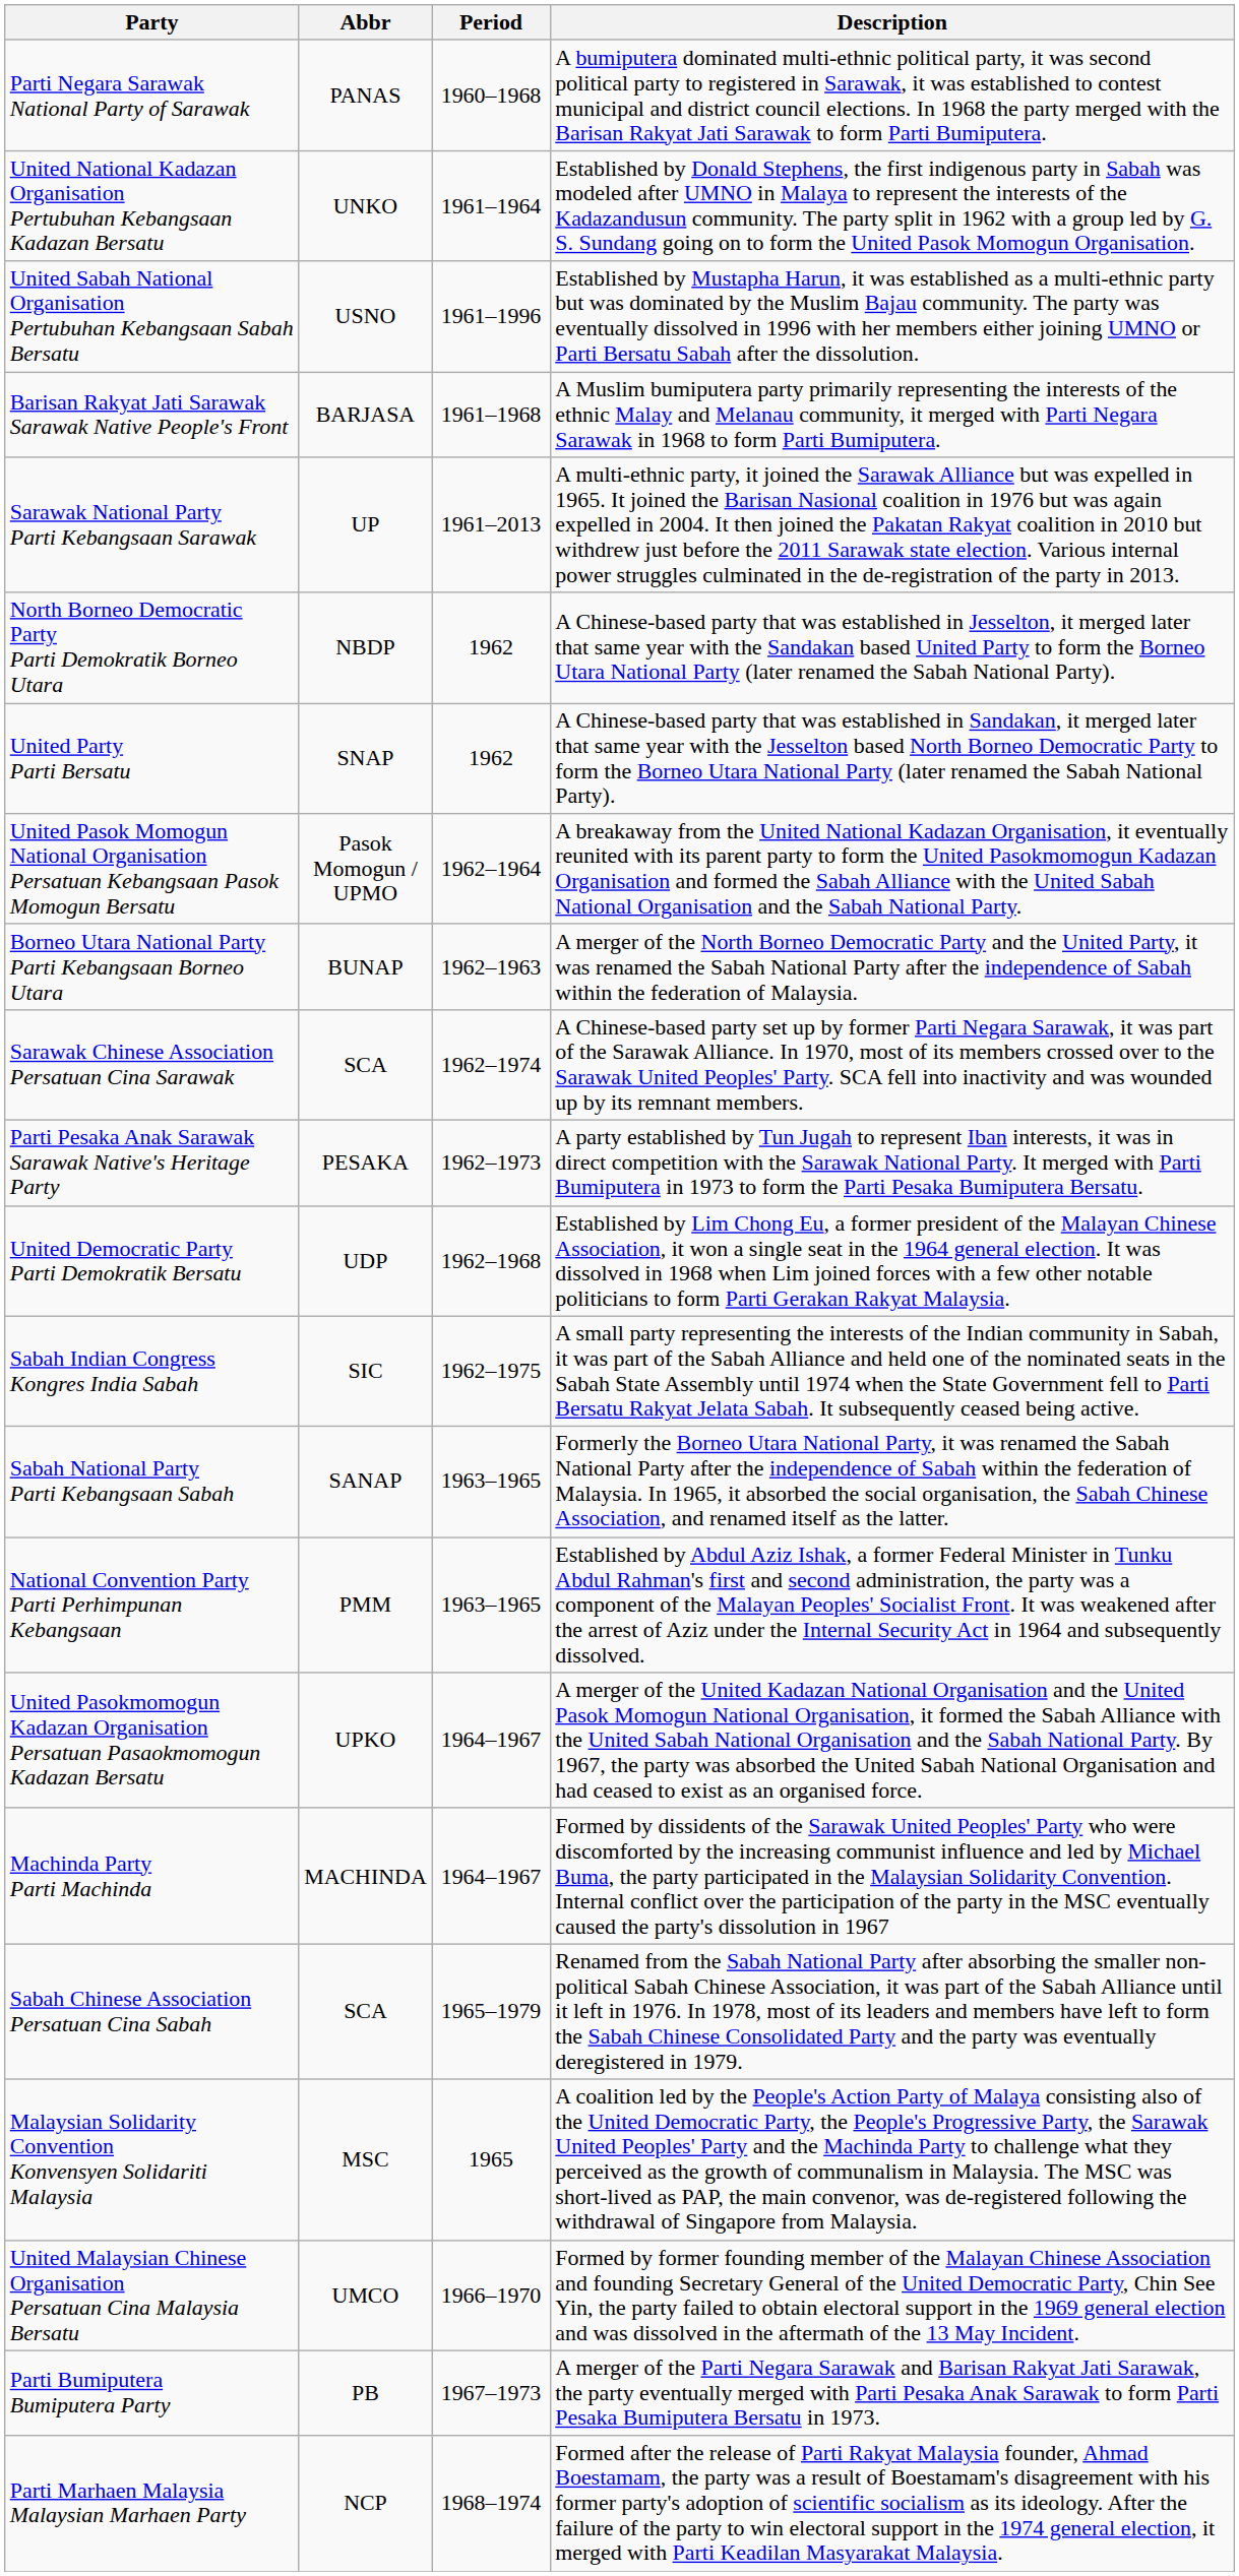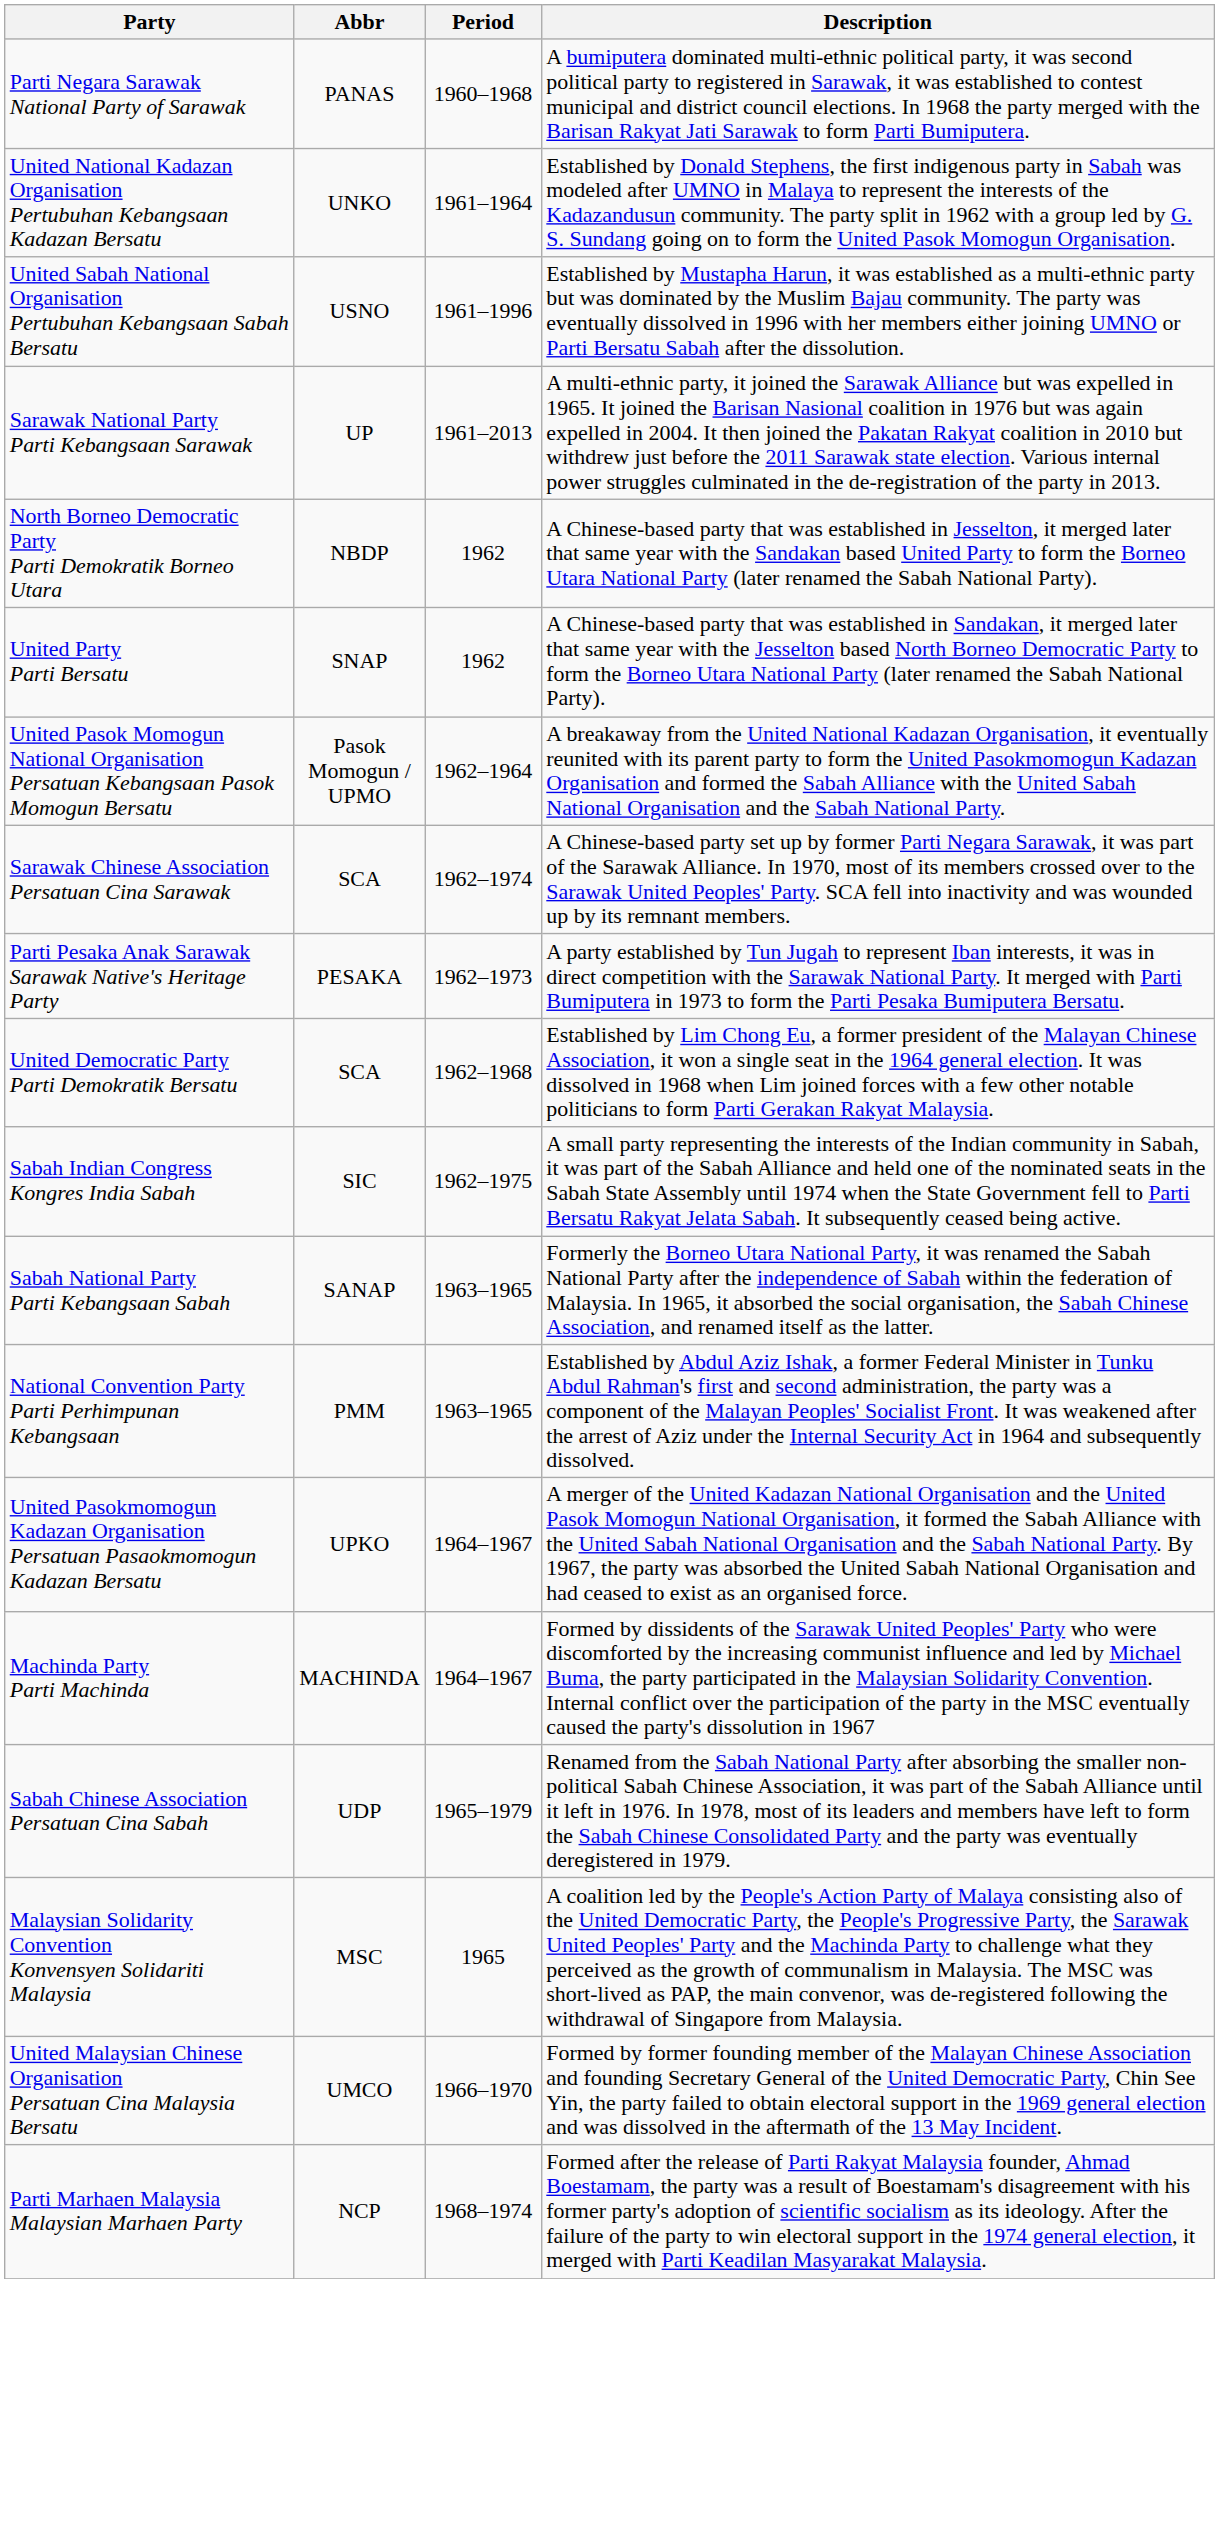 <table class="wikitable collapsible collapsed"  style="width:100%;">
 <tr>
 <th>Party</th>
 <th>Abbr</th>
 <th>Period</th>
 <th>Description</th>
 </tr>
 <tr>
 <td width="25%"><a href='#'>Parti Negara Sarawak</a><br><em>National Party of Sarawak</em></td>
 <td width="5%" style="text-align:center">PANAS</td>
 <td width="10%" style="text-align:center">1960–1968</td>
 <td width="60%">A <a href='#'>bumiputera</a> dominated multi-ethnic political party, it was second political party to registered in <a href='#'>Sarawak</a>, it was established to contest municipal and district council elections. In 1968 the party merged with the <a href='#'>Barisan Rakyat Jati Sarawak</a> to form <a href='#'>Parti Bumiputera</a>.</td>
 </tr>
 <tr>
 <td width="25%"><a href='#'>United National Kadazan Organisation</a><br><em>Pertubuhan Kebangsaan Kadazan Bersatu</em></td>
 <td width="5%" style="text-align:center">UNKO</td>
 <td width="10%" style="text-align:center">1961–1964</td>
 <td width="60%">Established by <a href='#'>Donald Stephens</a>, the first indigenous party in <a href='#'>Sabah</a> was modeled after <a href='#'>UMNO</a> in <a href='#'>Malaya</a> to represent the interests of the <a href='#'>Kadazandusun</a> community. The party split in 1962 with a group led by <a href='#'>G. S. Sundang</a> going on to form the <a href='#'>United Pasok Momogun Organisation</a>.</td>
 </tr>
 <tr>
 <td width="25%"><a href='#'>United Sabah National Organisation</a><br><em>Pertubuhan Kebangsaan Sabah Bersatu</em></td>
 <td width="5%" style="text-align:center">USNO</td>
 <td width="10%" style="text-align:center">1961–1996</td>
 <td width="60%">Established by <a href='#'>Mustapha Harun</a>, it was established as a multi-ethnic party but was dominated by the Muslim <a href='#'>Bajau</a> community. The party was eventually dissolved in 1996 with her members either joining <a href='#'>UMNO</a> or <a href='#'>Parti Bersatu Sabah</a> after the dissolution.</td>
 </tr>
 <tr>
-<td width="25%"><a href='#'>Barisan Rakyat Jati Sarawak</a><br><em>Sarawak Native People's Front</em></td>
-<td width="5%" style="text-align:center">BARJASA</td>
-<td width="10%" style="text-align:center">1961–1968</td>
-<td width="60%">A Muslim bumiputera party primarily representing the interests of the ethnic <a href='#'>Malay</a> and <a href='#'>Melanau</a> community, it merged with <a href='#'>Parti Negara Sarawak</a> in 1968 to form <a href='#'>Parti Bumiputera</a>.</td>
-</tr>
-<tr>
 <td width="25%"><a href='#'>Sarawak National Party</a><br><em>Parti Kebangsaan Sarawak</em></td>
 <td width="5%" style="text-align:center">UP</td>
 <td width="10%" style="text-align:center">1961–2013</td>
 <td width="60%">A multi-ethnic party, it joined the <a href='#'>Sarawak Alliance</a> but was expelled in 1965. It joined the <a href='#'>Barisan Nasional</a> coalition in 1976 but was again expelled in 2004. It then joined the <a href='#'>Pakatan Rakyat</a> coalition in 2010 but withdrew just before the <a href='#'> 2011 Sarawak state election</a>. Various internal power struggles culminated in the de-registration of the party in 2013.</td>
 </tr>
 <tr>
 <td width="25%"><a href='#'>North Borneo Democratic Party</a><br><em>Parti Demokratik Borneo Utara</em></td>
 <td width="5%" style="text-align:center">NBDP</td>
 <td width="10%" style="text-align:center">1962</td>
 <td width="60%">A Chinese-based party that was established in <a href='#'>Jesselton</a>, it merged later that same year with the <a href='#'>Sandakan</a> based <a href='#'>United Party</a> to form the <a href='#'>Borneo Utara National Party</a> (later renamed the Sabah National Party).</td>
 </tr>
 <tr>
 <td width="25%"><a href='#'>United Party</a><br><em>Parti Bersatu</em></td>
 <td width="5%" style="text-align:center">SNAP</td>
 <td width="10%" style="text-align:center">1962</td>
 <td width="60%">A Chinese-based party that was established in <a href='#'>Sandakan</a>, it merged later that same year with the <a href='#'>Jesselton</a> based <a href='#'>North Borneo Democratic Party</a> to form the <a href='#'>Borneo Utara National Party</a> (later renamed the Sabah National Party).</td>
 </tr>
 <tr>
 <td width="25%"><a href='#'>United Pasok Momogun National Organisation</a><br><em>Persatuan Kebangsaan Pasok Momogun Bersatu</em></td>
 <td width="5%" style="text-align:center">Pasok Momogun / UPMO</td>
 <td width="10%" style="text-align:center">1962–1964</td>
 <td width="60%">A breakaway from the <a href='#'>United National Kadazan Organisation</a>, it eventually reunited with its parent party to form the <a href='#'>United Pasokmomogun Kadazan Organisation</a> and formed the <a href='#'>Sabah Alliance</a> with the <a href='#'>United Sabah National Organisation</a> and the <a href='#'>Sabah National Party</a>.</td>
 </tr>
 <tr>
-<td width="25%"><a href='#'>Borneo Utara National Party</a><br><em>Parti Kebangsaan Borneo Utara</em></td>
-<td width="5%" style="text-align:center">BUNAP</td>
-<td width="10%" style="text-align:center">1962–1963</td>
-<td width="60%">A merger of the <a href='#'>North Borneo Democratic Party</a> and the <a href='#'>United Party</a>, it was renamed the Sabah National Party after the <a href='#'>independence of Sabah</a> within the federation of Malaysia.</td>
-</tr>
-<tr>
 <td width="25%"><a href='#'>Sarawak Chinese Association</a><br><em>Persatuan Cina Sarawak</em></td>
 <td width="5%" style="text-align:center">SCA</td>
 <td width="10%" style="text-align:center">1962–1974</td>
 <td width="60%">A Chinese-based party set up by former <a href='#'>Parti Negara Sarawak</a>, it was part of the Sarawak Alliance. In 1970, most of its members crossed over to the <a href='#'>Sarawak United Peoples' Party</a>. SCA fell into inactivity and was wounded up by its remnant members.</td>
 </tr>
 <tr>
 <td width="25%"><a href='#'>Parti Pesaka Anak Sarawak</a><br><em>Sarawak Native's Heritage Party</em></td>
 <td width="5%" style="text-align:center">PESAKA</td>
 <td width="10%" style="text-align:center">1962–1973</td>
 <td width="60%">A party established by <a href='#'>Tun Jugah</a> to represent <a href='#'>Iban</a> interests, it was in direct competition with the <a href='#'>Sarawak National Party</a>. It merged with <a href='#'>Parti Bumiputera</a> in 1973 to form the <a href='#'>Parti Pesaka Bumiputera Bersatu</a>.</td>
 </tr>
 <tr>
 <td width="25%"><a href='#'>United Democratic Party</a><br><em>Parti Demokratik Bersatu</em></td>
-<td width="5%" style="text-align:center">UDP</td>
+<td width="5%" style="text-align:center">SCA</td>
 <td width="10%" style="text-align:center">1962–1968</td>
 <td width="60%">Established by <a href='#'>Lim Chong Eu</a>, a former president of the <a href='#'>Malayan Chinese Association</a>, it won a single seat in the <a href='#'>1964 general election</a>. It was dissolved in 1968 when Lim joined forces with a few other notable politicians to form <a href='#'>Parti Gerakan Rakyat Malaysia</a>.</td>
 </tr>
 <tr>
 <td width="25%"><a href='#'>Sabah Indian Congress</a><br><em>Kongres India Sabah</em></td>
 <td width="5%" style="text-align:center">SIC</td>
 <td width="10%" style="text-align:center">1962–1975</td>
 <td width="60%">A small party representing the interests of the Indian community in Sabah, it was part of the Sabah Alliance and held one of the nominated seats in the Sabah State Assembly until 1974 when the State Government fell to <a href='#'>Parti Bersatu Rakyat Jelata Sabah</a>. It subsequently ceased being active.</td>
 </tr>
 <tr>
 <td width="25%"><a href='#'>Sabah National Party</a><br><em>Parti Kebangsaan Sabah</em></td>
 <td width="5%" style="text-align:center">SANAP</td>
 <td width="10%" style="text-align:center">1963–1965</td>
 <td width="60%">Formerly the <a href='#'>Borneo Utara National Party</a>, it was renamed the Sabah National Party after the <a href='#'>independence of Sabah</a> within the federation of Malaysia. In 1965, it absorbed the social organisation, the <a href='#'>Sabah Chinese Association</a>, and renamed itself as the latter.</td>
 </tr>
 <tr>
 <td width="25%"><a href='#'>National Convention Party</a><br><em>Parti Perhimpunan Kebangsaan</em></td>
 <td width="5%" style="text-align:center">PMM</td>
 <td width="10%" style="text-align:center">1963–1965</td>
 <td width="60%">Established by <a href='#'>Abdul Aziz Ishak</a>, a former Federal Minister in <a href='#'>Tunku Abdul Rahman</a>'s <a href='#'>first</a> and <a href='#'>second</a> administration, the party was a component of the <a href='#'>Malayan Peoples' Socialist Front</a>. It was weakened after the arrest of Aziz under the <a href='#'>Internal Security Act</a> in 1964 and subsequently dissolved.</td>
 </tr>
 <tr>
 <td width="25%"><a href='#'>United Pasokmomogun Kadazan Organisation</a><br><em>Persatuan Pasaokmomogun Kadazan Bersatu</em></td>
 <td width="5%" style="text-align:center">UPKO</td>
 <td width="10%" style="text-align:center">1964–1967</td>
 <td width="60%">A merger of the <a href='#'>United Kadazan National Organisation</a> and the <a href='#'>United Pasok Momogun National Organisation</a>, it formed the Sabah Alliance with the <a href='#'>United Sabah National Organisation</a> and the <a href='#'>Sabah National Party</a>. By 1967, the party was absorbed the United Sabah National Organisation and had ceased to exist as an organised force.</td>
 </tr>
 <tr>
 <td width="25%"><a href='#'>Machinda Party</a><br><em>Parti Machinda</em></td>
 <td width="5%" style="text-align:center">MACHINDA</td>
 <td width="10%" style="text-align:center">1964–1967</td>
 <td width="60%">Formed by dissidents of the <a href='#'>Sarawak United Peoples' Party</a> who were discomforted by the increasing communist influence and led by <a href='#'>Michael Buma</a>, the party participated in the <a href='#'>Malaysian Solidarity Convention</a>. Internal conflict over the participation of the party in the MSC eventually caused the party's dissolution in 1967</td>
 </tr>
 <tr>
 <td width="25%"><a href='#'>Sabah Chinese Association</a><br><em>Persatuan Cina Sabah</em></td>
-<td width="5%" style="text-align:center">SCA</td>
+<td width="5%" style="text-align:center">UDP</td>
 <td width="10%" style="text-align:center">1965–1979</td>
 <td width="60%">Renamed from the <a href='#'>Sabah National Party</a> after absorbing the smaller non-political Sabah Chinese Association, it was part of the Sabah Alliance until it left in 1976. In 1978, most of its leaders and members have left to form the <a href='#'>Sabah Chinese Consolidated Party</a> and the party was eventually deregistered in 1979.</td>
 </tr>
 <tr>
 <td width="25%"><a href='#'>Malaysian Solidarity Convention</a><br><em>Konvensyen Solidariti Malaysia</em></td>
 <td width="5%" style="text-align:center">MSC</td>
 <td width="10%" style="text-align:center">1965</td>
 <td width="60%">A coalition led by the <a href='#'>People's Action Party of Malaya</a> consisting also of the <a href='#'>United Democratic Party</a>, the <a href='#'>People's Progressive Party</a>, the <a href='#'>Sarawak United Peoples' Party</a> and the <a href='#'>Machinda Party</a> to challenge what they perceived as the growth of communalism in Malaysia. The MSC was short-lived as PAP, the main convenor, was de-registered following the withdrawal of Singapore from Malaysia.</td>
 </tr>
 <tr>
 <td width="25%"><a href='#'>United Malaysian Chinese Organisation</a><br><em>Persatuan Cina Malaysia Bersatu</em></td>
 <td width="5%" style="text-align:center">UMCO</td>
 <td width="10%" style="text-align:center">1966–1970</td>
 <td width="60%">Formed by former founding member of the <a href='#'>Malayan Chinese Association</a> and founding Secretary General of the <a href='#'>United Democratic Party</a>, Chin See Yin, the party failed to obtain electoral support in the <a href='#'>1969 general election</a> and was dissolved in the aftermath of the <a href='#'>13 May Incident</a>.</td>
 </tr>
 <tr>
-<td width="25%"><a href='#'>Parti Bumiputera</a><br><em>Bumiputera Party</em></td>
-<td width="5%" style="text-align:center">PB</td>
-<td width="10%" style="text-align:center">1967–1973</td>
-<td width="60%">A merger of the <a href='#'>Parti Negara Sarawak</a> and <a href='#'>Barisan Rakyat Jati Sarawak</a>, the party eventually merged with <a href='#'>Parti Pesaka Anak Sarawak</a> to form <a href='#'>Parti Pesaka Bumiputera Bersatu</a> in 1973.</td>
-</tr>
-<tr>
 <td width="25%"><a href='#'>Parti Marhaen Malaysia</a><br><em>Malaysian Marhaen Party</em></td>
 <td width="5%" style="text-align:center">NCP</td>
 <td width="10%" style="text-align:center">1968–1974</td>
 <td width="60%">Formed after the release of <a href='#'>Parti Rakyat Malaysia</a> founder, <a href='#'>Ahmad Boestamam</a>, the party was a result of Boestamam's disagreement with his former party's adoption of <a href='#'>scientific socialism</a> as its ideology. After the failure of the party to win electoral support in the <a href='#'>1974 general election</a>, it merged with <a href='#'>Parti Keadilan Masyarakat Malaysia</a>.</td>
 </tr>
 </table>
